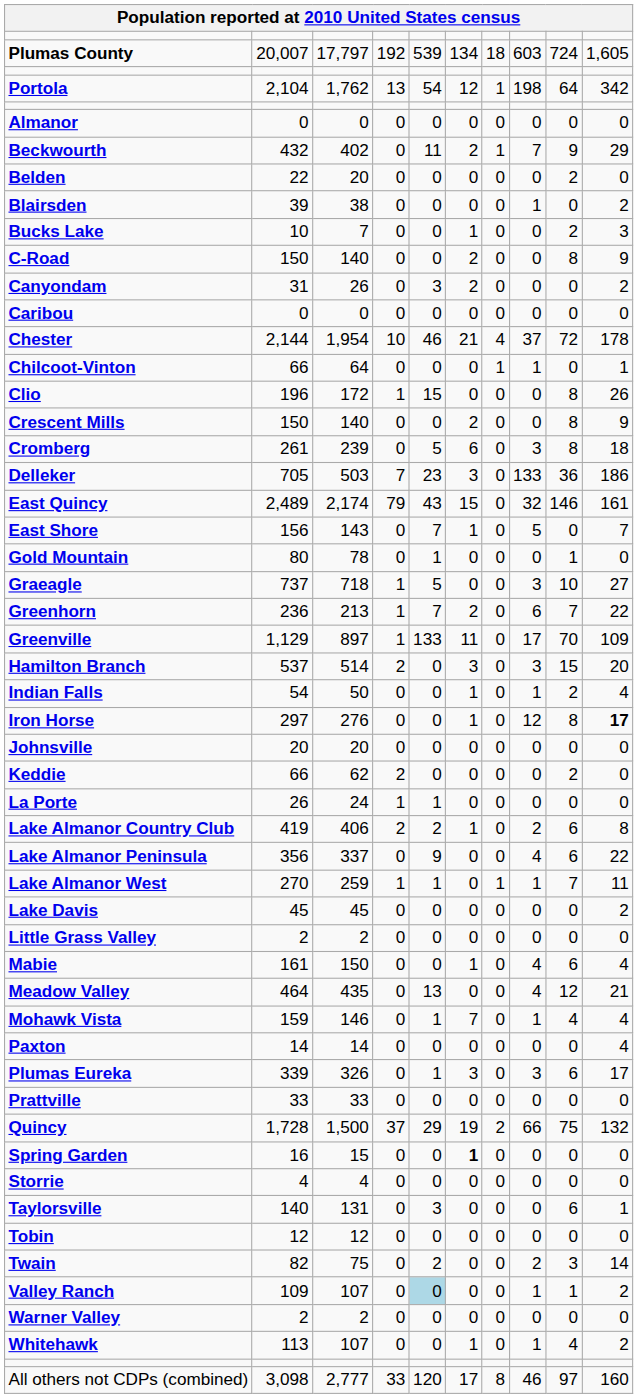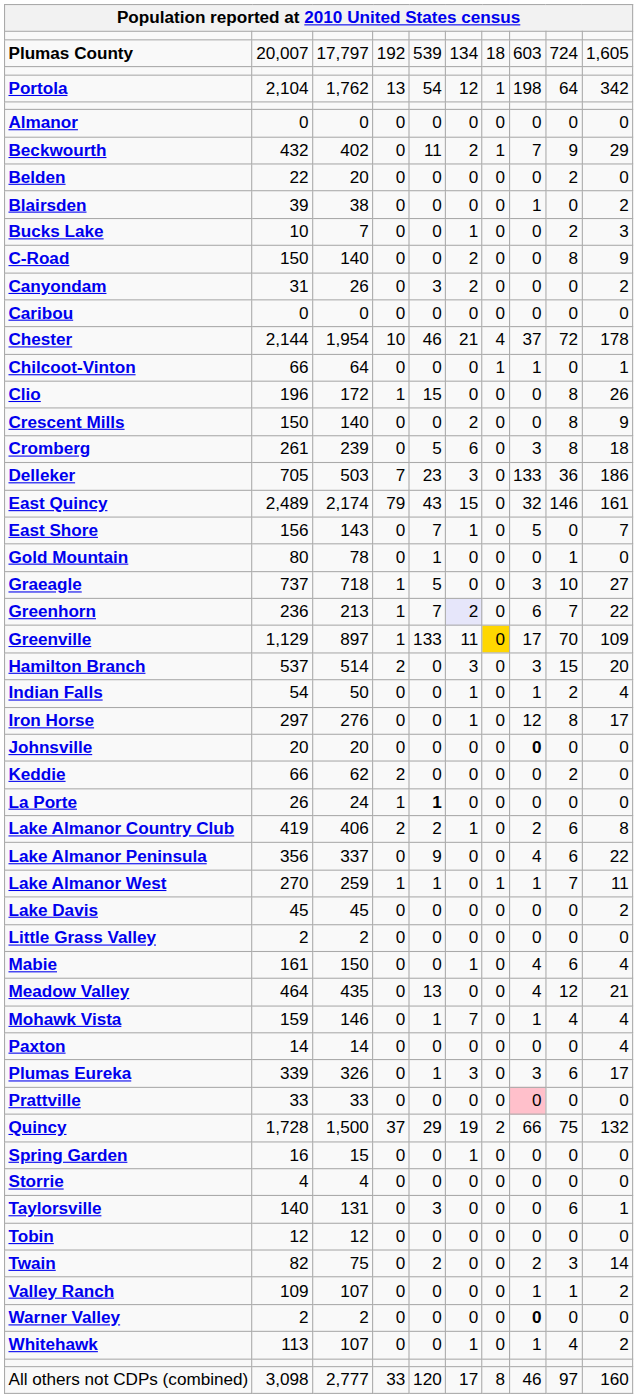 <table class="wikitable collapsible collapsed">
 <tr>
 <th colspan=10>Population reported at <a href='#'>2010 United States census</a></th>
 </tr>
 <tr>
 <td></td>
 <td></td>
 <td></td>
 <td></td>
 <td></td>
 <td></td>
 <td></td>
 <td></td>
 <td></td>
 <td></td>
 </tr>
 <tr>
 <td><strong> Plumas County</strong></td>
 <td align="right">20,007</td>
 <td align="right">17,797</td>
 <td align="right">192</td>
 <td align="right">539</td>
 <td align="right">134</td>
 <td align="right">18</td>
 <td align="right">603</td>
 <td align="right">724</td>
 <td align="right">1,605</td>
 </tr>
 <tr>
 <td></td>
 <td></td>
 <td></td>
 <td></td>
 <td></td>
 <td></td>
 <td></td>
 <td></td>
 <td></td>
 <td></td>
 </tr>
 <tr>
 <td><strong><a href='#'>Portola</a></strong></td>
 <td align="right">2,104</td>
 <td align="right">1,762</td>
 <td align="right">13</td>
 <td align="right">54</td>
 <td align="right">12</td>
 <td align="right">1</td>
 <td align="right">198</td>
 <td align="right">64</td>
 <td align="right">342</td>
 </tr>
 <tr>
 <td></td>
 <td></td>
 <td></td>
 <td></td>
 <td></td>
 <td></td>
 <td></td>
 <td></td>
 <td></td>
 <td></td>
 </tr>
 <tr>
 <td><strong><a href='#'>Almanor</a></strong></td>
 <td align="right">0</td>
 <td align="right">0</td>
 <td align="right">0</td>
 <td align="right">0</td>
 <td align="right">0</td>
 <td align="right">0</td>
 <td align="right">0</td>
 <td align="right">0</td>
 <td align="right">0</td>
 </tr>
 <tr>
 <td><strong><a href='#'>Beckwourth</a></strong></td>
 <td align="right">432</td>
 <td align="right">402</td>
 <td align="right">0</td>
 <td align="right">11</td>
 <td align="right">2</td>
 <td align="right">1</td>
 <td align="right">7</td>
 <td align="right">9</td>
 <td align="right">29</td>
 </tr>
 <tr>
 <td><strong><a href='#'>Belden</a></strong></td>
 <td align="right">22</td>
 <td align="right">20</td>
 <td align="right">0</td>
 <td align="right">0</td>
 <td align="right">0</td>
 <td align="right">0</td>
 <td align="right">0</td>
 <td align="right">2</td>
 <td align="right">0</td>
 </tr>
 <tr>
 <td><strong><a href='#'>Blairsden</a></strong></td>
 <td align="right">39</td>
 <td align="right">38</td>
 <td align="right">0</td>
 <td align="right">0</td>
 <td align="right">0</td>
 <td align="right">0</td>
 <td align="right">1</td>
 <td align="right">0</td>
 <td align="right">2</td>
 </tr>
 <tr>
 <td><strong><a href='#'>Bucks Lake</a></strong></td>
 <td align="right">10</td>
 <td align="right">7</td>
 <td align="right">0</td>
 <td align="right">0</td>
 <td align="right">1</td>
 <td align="right">0</td>
 <td align="right">0</td>
 <td align="right">2</td>
 <td align="right">3</td>
 </tr>
 <tr>
 <td><strong><a href='#'>C-Road</a></strong></td>
 <td align="right">150</td>
 <td align="right">140</td>
 <td align="right">0</td>
 <td align="right">0</td>
 <td align="right">2</td>
 <td align="right">0</td>
 <td align="right">0</td>
 <td align="right">8</td>
 <td align="right">9</td>
 </tr>
 <tr>
 <td><strong><a href='#'>Canyondam</a></strong></td>
 <td align="right">31</td>
 <td align="right">26</td>
 <td align="right">0</td>
 <td align="right">3</td>
 <td align="right">2</td>
 <td align="right">0</td>
 <td align="right">0</td>
 <td align="right">0</td>
 <td align="right">2</td>
 </tr>
 <tr>
 <td><strong><a href='#'>Caribou</a></strong></td>
 <td align="right">0</td>
 <td align="right">0</td>
 <td align="right">0</td>
 <td align="right">0</td>
 <td align="right">0</td>
 <td align="right">0</td>
 <td align="right">0</td>
 <td align="right">0</td>
 <td align="right">0</td>
 </tr>
 <tr>
 <td><strong><a href='#'>Chester</a></strong></td>
 <td align="right">2,144</td>
 <td align="right">1,954</td>
 <td align="right">10</td>
 <td align="right">46</td>
 <td align="right">21</td>
 <td align="right">4</td>
 <td align="right">37</td>
 <td align="right">72</td>
 <td align="right">178</td>
 </tr>
 <tr>
 <td><strong><a href='#'>Chilcoot-Vinton</a></strong></td>
 <td align="right">66</td>
 <td align="right">64</td>
 <td align="right">0</td>
 <td align="right">0</td>
 <td align="right">0</td>
 <td align="right">1</td>
 <td align="right">1</td>
 <td align="right">0</td>
 <td align="right">1</td>
 </tr>
 <tr>
 <td><strong><a href='#'>Clio</a></strong></td>
 <td align="right">196</td>
 <td align="right">172</td>
 <td align="right">1</td>
 <td align="right">15</td>
 <td align="right">0</td>
 <td align="right">0</td>
 <td align="right">0</td>
 <td align="right">8</td>
 <td align="right">26</td>
 </tr>
 <tr>
 <td><strong><a href='#'>Crescent Mills</a></strong></td>
 <td align="right">150</td>
 <td align="right">140</td>
 <td align="right">0</td>
 <td align="right">0</td>
 <td align="right">2</td>
 <td align="right">0</td>
 <td align="right">0</td>
 <td align="right">8</td>
 <td align="right">9</td>
 </tr>
 <tr>
 <td><strong><a href='#'>Cromberg</a></strong></td>
 <td align="right">261</td>
 <td align="right">239</td>
 <td align="right">0</td>
 <td align="right">5</td>
 <td align="right">6</td>
 <td align="right">0</td>
 <td align="right">3</td>
 <td align="right">8</td>
 <td align="right">18</td>
 </tr>
 <tr>
 <td><strong><a href='#'>Delleker</a></strong></td>
 <td align="right">705</td>
 <td align="right">503</td>
 <td align="right">7</td>
 <td align="right">23</td>
 <td align="right">3</td>
 <td align="right">0</td>
 <td align="right">133</td>
 <td align="right">36</td>
 <td align="right">186</td>
 </tr>
 <tr>
 <td><strong><a href='#'>East Quincy</a></strong></td>
 <td align="right">2,489</td>
 <td align="right">2,174</td>
 <td align="right">79</td>
 <td align="right">43</td>
 <td align="right">15</td>
 <td align="right">0</td>
 <td align="right">32</td>
 <td align="right">146</td>
 <td align="right">161</td>
 </tr>
 <tr>
 <td><strong><a href='#'>East Shore</a></strong></td>
 <td align="right">156</td>
 <td align="right">143</td>
 <td align="right">0</td>
 <td align="right">7</td>
 <td align="right">1</td>
 <td align="right">0</td>
 <td align="right">5</td>
 <td align="right">0</td>
 <td align="right">7</td>
 </tr>
 <tr>
 <td><strong><a href='#'>Gold Mountain</a></strong></td>
 <td align="right">80</td>
 <td align="right">78</td>
 <td align="right">0</td>
 <td align="right">1</td>
 <td align="right">0</td>
 <td align="right">0</td>
 <td align="right">0</td>
 <td align="right">1</td>
 <td align="right">0</td>
 </tr>
 <tr>
 <td><strong><a href='#'>Graeagle</a></strong></td>
 <td align="right">737</td>
 <td align="right">718</td>
 <td align="right">1</td>
 <td align="right">5</td>
 <td align="right">0</td>
 <td align="right">0</td>
 <td align="right">3</td>
 <td align="right">10</td>
 <td align="right">27</td>
 </tr>
 <tr>
 <td><strong><a href='#'>Greenhorn</a></strong></td>
 <td align="right">236</td>
 <td align="right">213</td>
 <td align="right">1</td>
 <td align="right">7</td>
-<td align="right">2</td>
+<td align="right" style="background: lavender;">2</td>
 <td align="right">0</td>
 <td align="right">6</td>
 <td align="right">7</td>
 <td align="right">22</td>
 </tr>
 <tr>
 <td><strong><a href='#'>Greenville</a></strong></td>
 <td align="right">1,129</td>
 <td align="right">897</td>
 <td align="right">1</td>
 <td align="right">133</td>
 <td align="right">11</td>
-<td align="right">0</td>
+<td align="right" style="background: gold;">0</td>
 <td align="right">17</td>
 <td align="right">70</td>
 <td align="right">109</td>
 </tr>
 <tr>
 <td><strong><a href='#'>Hamilton Branch</a></strong></td>
 <td align="right">537</td>
 <td align="right">514</td>
 <td align="right">2</td>
 <td align="right">0</td>
 <td align="right">3</td>
 <td align="right">0</td>
 <td align="right">3</td>
 <td align="right">15</td>
 <td align="right">20</td>
 </tr>
 <tr>
 <td><strong><a href='#'>Indian Falls</a></strong></td>
 <td align="right">54</td>
 <td align="right">50</td>
 <td align="right">0</td>
 <td align="right">0</td>
 <td align="right">1</td>
 <td align="right">0</td>
 <td align="right">1</td>
 <td align="right">2</td>
 <td align="right">4</td>
 </tr>
 <tr>
 <td><strong><a href='#'>Iron Horse</a></strong></td>
 <td align="right">297</td>
 <td align="right">276</td>
 <td align="right">0</td>
 <td align="right">0</td>
 <td align="right">1</td>
 <td align="right">0</td>
 <td align="right">12</td>
 <td align="right">8</td>
-<td align="right"><strong>17</strong></td>
+<td align="right">17</td>
 </tr>
 <tr>
 <td><strong><a href='#'>Johnsville</a></strong></td>
 <td align="right">20</td>
 <td align="right">20</td>
 <td align="right">0</td>
 <td align="right">0</td>
 <td align="right">0</td>
 <td align="right">0</td>
-<td align="right">0</td>
+<td align="right"><strong>0</strong></td>
 <td align="right">0</td>
 <td align="right">0</td>
 </tr>
 <tr>
 <td><strong><a href='#'>Keddie</a></strong></td>
 <td align="right">66</td>
 <td align="right">62</td>
 <td align="right">2</td>
 <td align="right">0</td>
 <td align="right">0</td>
 <td align="right">0</td>
 <td align="right">0</td>
 <td align="right">2</td>
 <td align="right">0</td>
 </tr>
 <tr>
 <td><strong><a href='#'>La Porte</a></strong></td>
 <td align="right">26</td>
 <td align="right">24</td>
 <td align="right">1</td>
-<td align="right">1</td>
+<td align="right"><strong>1</strong></td>
 <td align="right">0</td>
 <td align="right">0</td>
 <td align="right">0</td>
 <td align="right">0</td>
 <td align="right">0</td>
 </tr>
 <tr>
 <td><strong><a href='#'>Lake Almanor Country Club</a></strong></td>
 <td align="right">419</td>
 <td align="right">406</td>
 <td align="right">2</td>
 <td align="right">2</td>
 <td align="right">1</td>
 <td align="right">0</td>
 <td align="right">2</td>
 <td align="right">6</td>
 <td align="right">8</td>
 </tr>
 <tr>
 <td><strong><a href='#'>Lake Almanor Peninsula</a></strong></td>
 <td align="right">356</td>
 <td align="right">337</td>
 <td align="right">0</td>
 <td align="right">9</td>
 <td align="right">0</td>
 <td align="right">0</td>
 <td align="right">4</td>
 <td align="right">6</td>
 <td align="right">22</td>
 </tr>
 <tr>
 <td><strong><a href='#'>Lake Almanor West</a></strong></td>
 <td align="right">270</td>
 <td align="right">259</td>
 <td align="right">1</td>
 <td align="right">1</td>
 <td align="right">0</td>
 <td align="right">1</td>
 <td align="right">1</td>
 <td align="right">7</td>
 <td align="right">11</td>
 </tr>
 <tr>
 <td><strong><a href='#'>Lake Davis</a></strong></td>
 <td align="right">45</td>
 <td align="right">45</td>
 <td align="right">0</td>
 <td align="right">0</td>
 <td align="right">0</td>
 <td align="right">0</td>
 <td align="right">0</td>
 <td align="right">0</td>
 <td align="right">2</td>
 </tr>
 <tr>
 <td><strong><a href='#'>Little Grass Valley</a></strong></td>
 <td align="right">2</td>
 <td align="right">2</td>
 <td align="right">0</td>
 <td align="right">0</td>
 <td align="right">0</td>
 <td align="right">0</td>
 <td align="right">0</td>
 <td align="right">0</td>
 <td align="right">0</td>
 </tr>
 <tr>
 <td><strong><a href='#'>Mabie</a></strong></td>
 <td align="right">161</td>
 <td align="right">150</td>
 <td align="right">0</td>
 <td align="right">0</td>
 <td align="right">1</td>
 <td align="right">0</td>
 <td align="right">4</td>
 <td align="right">6</td>
 <td align="right">4</td>
 </tr>
 <tr>
 <td><strong><a href='#'>Meadow Valley</a></strong></td>
 <td align="right">464</td>
 <td align="right">435</td>
 <td align="right">0</td>
 <td align="right">13</td>
 <td align="right">0</td>
 <td align="right">0</td>
 <td align="right">4</td>
 <td align="right">12</td>
 <td align="right">21</td>
 </tr>
 <tr>
 <td><strong><a href='#'>Mohawk Vista</a></strong></td>
 <td align="right">159</td>
 <td align="right">146</td>
 <td align="right">0</td>
 <td align="right">1</td>
 <td align="right">7</td>
 <td align="right">0</td>
 <td align="right">1</td>
 <td align="right">4</td>
 <td align="right">4</td>
 </tr>
 <tr>
 <td><strong><a href='#'>Paxton</a></strong></td>
 <td align="right">14</td>
 <td align="right">14</td>
 <td align="right">0</td>
 <td align="right">0</td>
 <td align="right">0</td>
 <td align="right">0</td>
 <td align="right">0</td>
 <td align="right">0</td>
 <td align="right">4</td>
 </tr>
 <tr>
 <td><strong><a href='#'>Plumas Eureka</a></strong></td>
 <td align="right">339</td>
 <td align="right">326</td>
 <td align="right">0</td>
 <td align="right">1</td>
 <td align="right">3</td>
 <td align="right">0</td>
 <td align="right">3</td>
 <td align="right">6</td>
 <td align="right">17</td>
 </tr>
 <tr>
 <td><strong><a href='#'>Prattville</a></strong></td>
 <td align="right">33</td>
 <td align="right">33</td>
 <td align="right">0</td>
 <td align="right">0</td>
 <td align="right">0</td>
 <td align="right">0</td>
-<td align="right">0</td>
+<td align="right" style="background: pink;">0</td>
 <td align="right">0</td>
 <td align="right">0</td>
 </tr>
 <tr>
 <td><strong><a href='#'>Quincy</a></strong></td>
 <td align="right">1,728</td>
 <td align="right">1,500</td>
 <td align="right">37</td>
 <td align="right">29</td>
 <td align="right">19</td>
 <td align="right">2</td>
 <td align="right">66</td>
 <td align="right">75</td>
 <td align="right">132</td>
 </tr>
 <tr>
 <td><strong><a href='#'>Spring Garden</a></strong></td>
 <td align="right">16</td>
 <td align="right">15</td>
 <td align="right">0</td>
 <td align="right">0</td>
-<td align="right"><strong>1</strong></td>
+<td align="right">1</td>
 <td align="right">0</td>
 <td align="right">0</td>
 <td align="right">0</td>
 <td align="right">0</td>
 </tr>
 <tr>
 <td><strong><a href='#'>Storrie</a></strong></td>
 <td align="right">4</td>
 <td align="right">4</td>
 <td align="right">0</td>
 <td align="right">0</td>
 <td align="right">0</td>
 <td align="right">0</td>
 <td align="right">0</td>
 <td align="right">0</td>
 <td align="right">0</td>
 </tr>
 <tr>
 <td><strong><a href='#'>Taylorsville</a></strong></td>
 <td align="right">140</td>
 <td align="right">131</td>
 <td align="right">0</td>
 <td align="right">3</td>
 <td align="right">0</td>
 <td align="right">0</td>
 <td align="right">0</td>
 <td align="right">6</td>
 <td align="right">1</td>
 </tr>
 <tr>
 <td><strong><a href='#'>Tobin</a></strong></td>
 <td align="right">12</td>
 <td align="right">12</td>
 <td align="right">0</td>
 <td align="right">0</td>
 <td align="right">0</td>
 <td align="right">0</td>
 <td align="right">0</td>
 <td align="right">0</td>
 <td align="right">0</td>
 </tr>
 <tr>
 <td><strong><a href='#'>Twain</a></strong></td>
 <td align="right">82</td>
 <td align="right">75</td>
 <td align="right">0</td>
 <td align="right">2</td>
 <td align="right">0</td>
 <td align="right">0</td>
 <td align="right">2</td>
 <td align="right">3</td>
 <td align="right">14</td>
 </tr>
 <tr>
 <td><strong><a href='#'>Valley Ranch</a></strong></td>
 <td align="right">109</td>
 <td align="right">107</td>
 <td align="right">0</td>
-<td align="right" style="background: lightblue;">0</td>
+<td align="right">0</td>
 <td align="right">0</td>
 <td align="right">0</td>
 <td align="right">1</td>
 <td align="right">1</td>
 <td align="right">2</td>
 </tr>
 <tr>
 <td><strong><a href='#'>Warner Valley</a></strong></td>
 <td align="right">2</td>
 <td align="right">2</td>
 <td align="right">0</td>
 <td align="right">0</td>
 <td align="right">0</td>
 <td align="right">0</td>
-<td align="right">0</td>
+<td align="right"><strong>0</strong></td>
 <td align="right">0</td>
 <td align="right">0</td>
 </tr>
 <tr>
 <td><strong><a href='#'>Whitehawk</a></strong></td>
 <td align="right">113</td>
 <td align="right">107</td>
 <td align="right">0</td>
 <td align="right">0</td>
 <td align="right">1</td>
 <td align="right">0</td>
 <td align="right">1</td>
 <td align="right">4</td>
 <td align="right">2</td>
 </tr>
 <tr>
 <td></td>
 <td></td>
 <td></td>
 <td></td>
 <td></td>
 <td></td>
 <td></td>
 <td></td>
 <td></td>
 <td></td>
 </tr>
 <tr>
 <td>All others not CDPs (combined)</td>
 <td align="right">3,098</td>
 <td align="right">2,777</td>
 <td align="right">33</td>
 <td align="right">120</td>
 <td align="right">17</td>
 <td align="right">8</td>
 <td align="right">46</td>
 <td align="right">97</td>
 <td align="right">160</td>
 </tr>
 </table>
